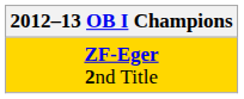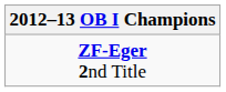 <table class=wikitable style="text-align:center; margin:auto">
 <tr>
 <th>2012–13 <a href='#'>OB I</a> Champions</th>
 </tr>
 <tr>
-<td style="background: gold;"><strong><a href='#'>ZF-Eger</a></strong><br><strong>2</strong>nd Title</td>
+<td><strong><a href='#'>ZF-Eger</a></strong><br><strong>2</strong>nd Title</td>
 </tr>
 </table>
